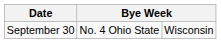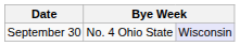 <table class="wikitable" style="font-size:95%;">
 <tr>
 <th>Date</th>
 <th colspan="2">Bye Week</th>
 </tr>
 <tr>
 <td>September 30</td>
 <td>No. 4 Ohio State</td>
-<td>Wisconsin</td>
+<td style="background: lavender;">Wisconsin</td>
 </tr>
 </table>
